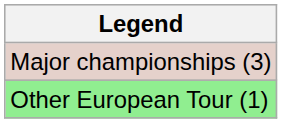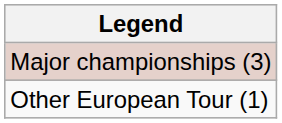 <table class="wikitable" style="font-size:95%;">
 <tr>
 <th>Legend</th>
 </tr>
 <tr style="background:#e5d1cb;">
 <td>Major championships (3)</td>
 </tr>
 <tr>
-<td style="background: lightgreen;">Other European Tour (1)</td>
+<td>Other European Tour (1)</td>
 </tr>
 </table>
